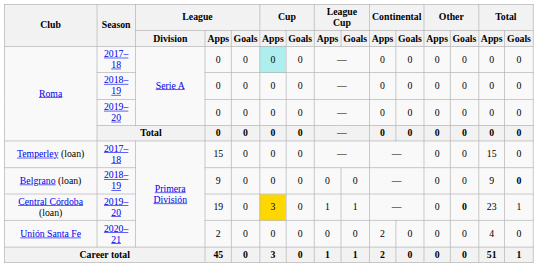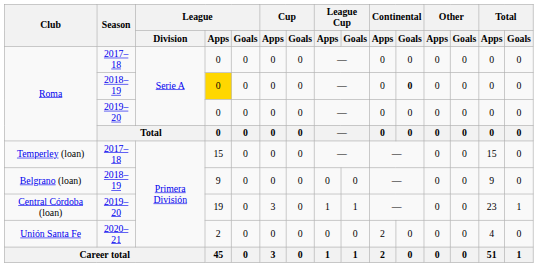 <table class="wikitable" style="text-align:center">
 <tr>
 <th rowspan="2">Club</th>
 <th rowspan="2">Season</th>
 <th colspan="3">League</th>
 <th colspan="2">Cup</th>
 <th colspan="2">League Cup</th>
 <th colspan="2">Continental</th>
 <th colspan="2">Other</th>
 <th colspan="2">Total</th>
 </tr>
 <tr>
 <th>Division</th>
 <th>Apps</th>
 <th>Goals</th>
 <th>Apps</th>
 <th>Goals</th>
 <th>Apps</th>
 <th>Goals</th>
 <th>Apps</th>
 <th>Goals</th>
 <th>Apps</th>
 <th>Goals</th>
 <th>Apps</th>
 <th>Goals</th>
 </tr>
 <tr>
 <td rowspan="4"><a href='#'>Roma</a></td>
 <td><a href='#'>2017–18</a></td>
 <td rowspan="3"><a href='#'>Serie A</a></td>
 <td>0</td>
 <td>0</td>
-<td style="background: paleturquoise;">0</td>
+<td>0</td>
 <td>0</td>
 <td colspan="2">—</td>
 <td>0</td>
 <td>0</td>
 <td>0</td>
 <td>0</td>
 <td>0</td>
 <td>0</td>
 </tr>
 <tr>
 <td><a href='#'>2018–19</a></td>
-<td>0</td>
+<td style="background: gold;">0</td>
 <td>0</td>
 <td>0</td>
 <td>0</td>
 <td colspan="2">—</td>
 <td>0</td>
-<td>0</td>
+<td><strong>0</strong></td>
 <td>0</td>
 <td>0</td>
 <td>0</td>
 <td>0</td>
 </tr>
 <tr>
 <td><a href='#'>2019–20</a></td>
 <td>0</td>
 <td>0</td>
 <td>0</td>
 <td>0</td>
 <td colspan="2">—</td>
 <td>0</td>
 <td>0</td>
 <td>0</td>
 <td>0</td>
 <td>0</td>
 <td>0</td>
 </tr>
 <tr>
 <th colspan="2">Total</th>
 <th>0</th>
 <th>0</th>
 <th>0</th>
 <th>0</th>
 <th colspan="2">—</th>
 <th>0</th>
 <th>0</th>
 <th>0</th>
 <th>0</th>
 <th>0</th>
 <th>0</th>
 </tr>
 <tr>
 <td rowspan="1"><a href='#'>Temperley</a> (loan)</td>
 <td><a href='#'>2017–18</a></td>
 <td rowspan="4"><a href='#'>Primera División</a></td>
 <td>15</td>
 <td>0</td>
 <td>0</td>
 <td>0</td>
 <td colspan="2">—</td>
 <td colspan="2">—</td>
 <td>0</td>
 <td>0</td>
 <td>15</td>
 <td>0</td>
 </tr>
 <tr>
 <td rowspan="1"><a href='#'>Belgrano</a> (loan)</td>
 <td><a href='#'>2018–19</a></td>
 <td>9</td>
 <td>0</td>
 <td>0</td>
 <td>0</td>
 <td>0</td>
 <td>0</td>
 <td colspan="2">—</td>
 <td>0</td>
 <td>0</td>
 <td>9</td>
-<td><strong>0</strong></td>
+<td>0</td>
 </tr>
 <tr>
 <td rowspan="1"><a href='#'>Central Córdoba</a> (loan)</td>
 <td><a href='#'>2019–20</a></td>
 <td>19</td>
 <td>0</td>
-<td style="background: gold;">3</td>
+<td>3</td>
 <td>0</td>
 <td>1</td>
 <td>1</td>
 <td colspan="2">—</td>
 <td>0</td>
-<td><strong>0</strong></td>
+<td>0</td>
 <td>23</td>
 <td>1</td>
 </tr>
 <tr>
 <td rowspan="1"><a href='#'>Unión Santa Fe</a></td>
 <td><a href='#'>2020–21</a></td>
 <td>2</td>
 <td>0</td>
 <td>0</td>
 <td>0</td>
 <td>0</td>
 <td>0</td>
 <td>2</td>
 <td>0</td>
 <td>0</td>
 <td>0</td>
 <td>4</td>
 <td>0</td>
 </tr>
 <tr>
 <th colspan="3">Career total</th>
 <th>45</th>
 <th>0</th>
 <th>3</th>
 <th>0</th>
 <th>1</th>
 <th>1</th>
 <th>2</th>
 <th>0</th>
 <th>0</th>
 <th>0</th>
 <th>51</th>
 <th>1</th>
 </tr>
 </table>
